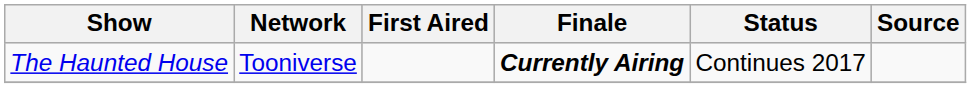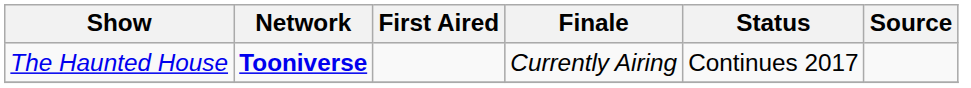 <table class="wikitable sortable">
 <tr>
 <th scope="col">Show</th>
 <th scope="col">Network</th>
 <th scope="col">First Aired</th>
 <th scope="col">Finale</th>
 <th scope="col">Status</th>
 <th class="unsortable" scope="col">Source</th>
 </tr>
 <tr>
 <td><em><a href='#'>The Haunted House</a></em></td>
-<td><a href='#'>Tooniverse</a></td>
+<td><strong><a href='#'>Tooniverse</a></strong></td>
 <td></td>
-<td><strong><em>Currently Airing</em></strong></td>
+<td><em>Currently Airing</em></td>
 <td>Continues 2017</td>
 <td></td>
 </tr>
 <tr>
 </tr>
 </table>
